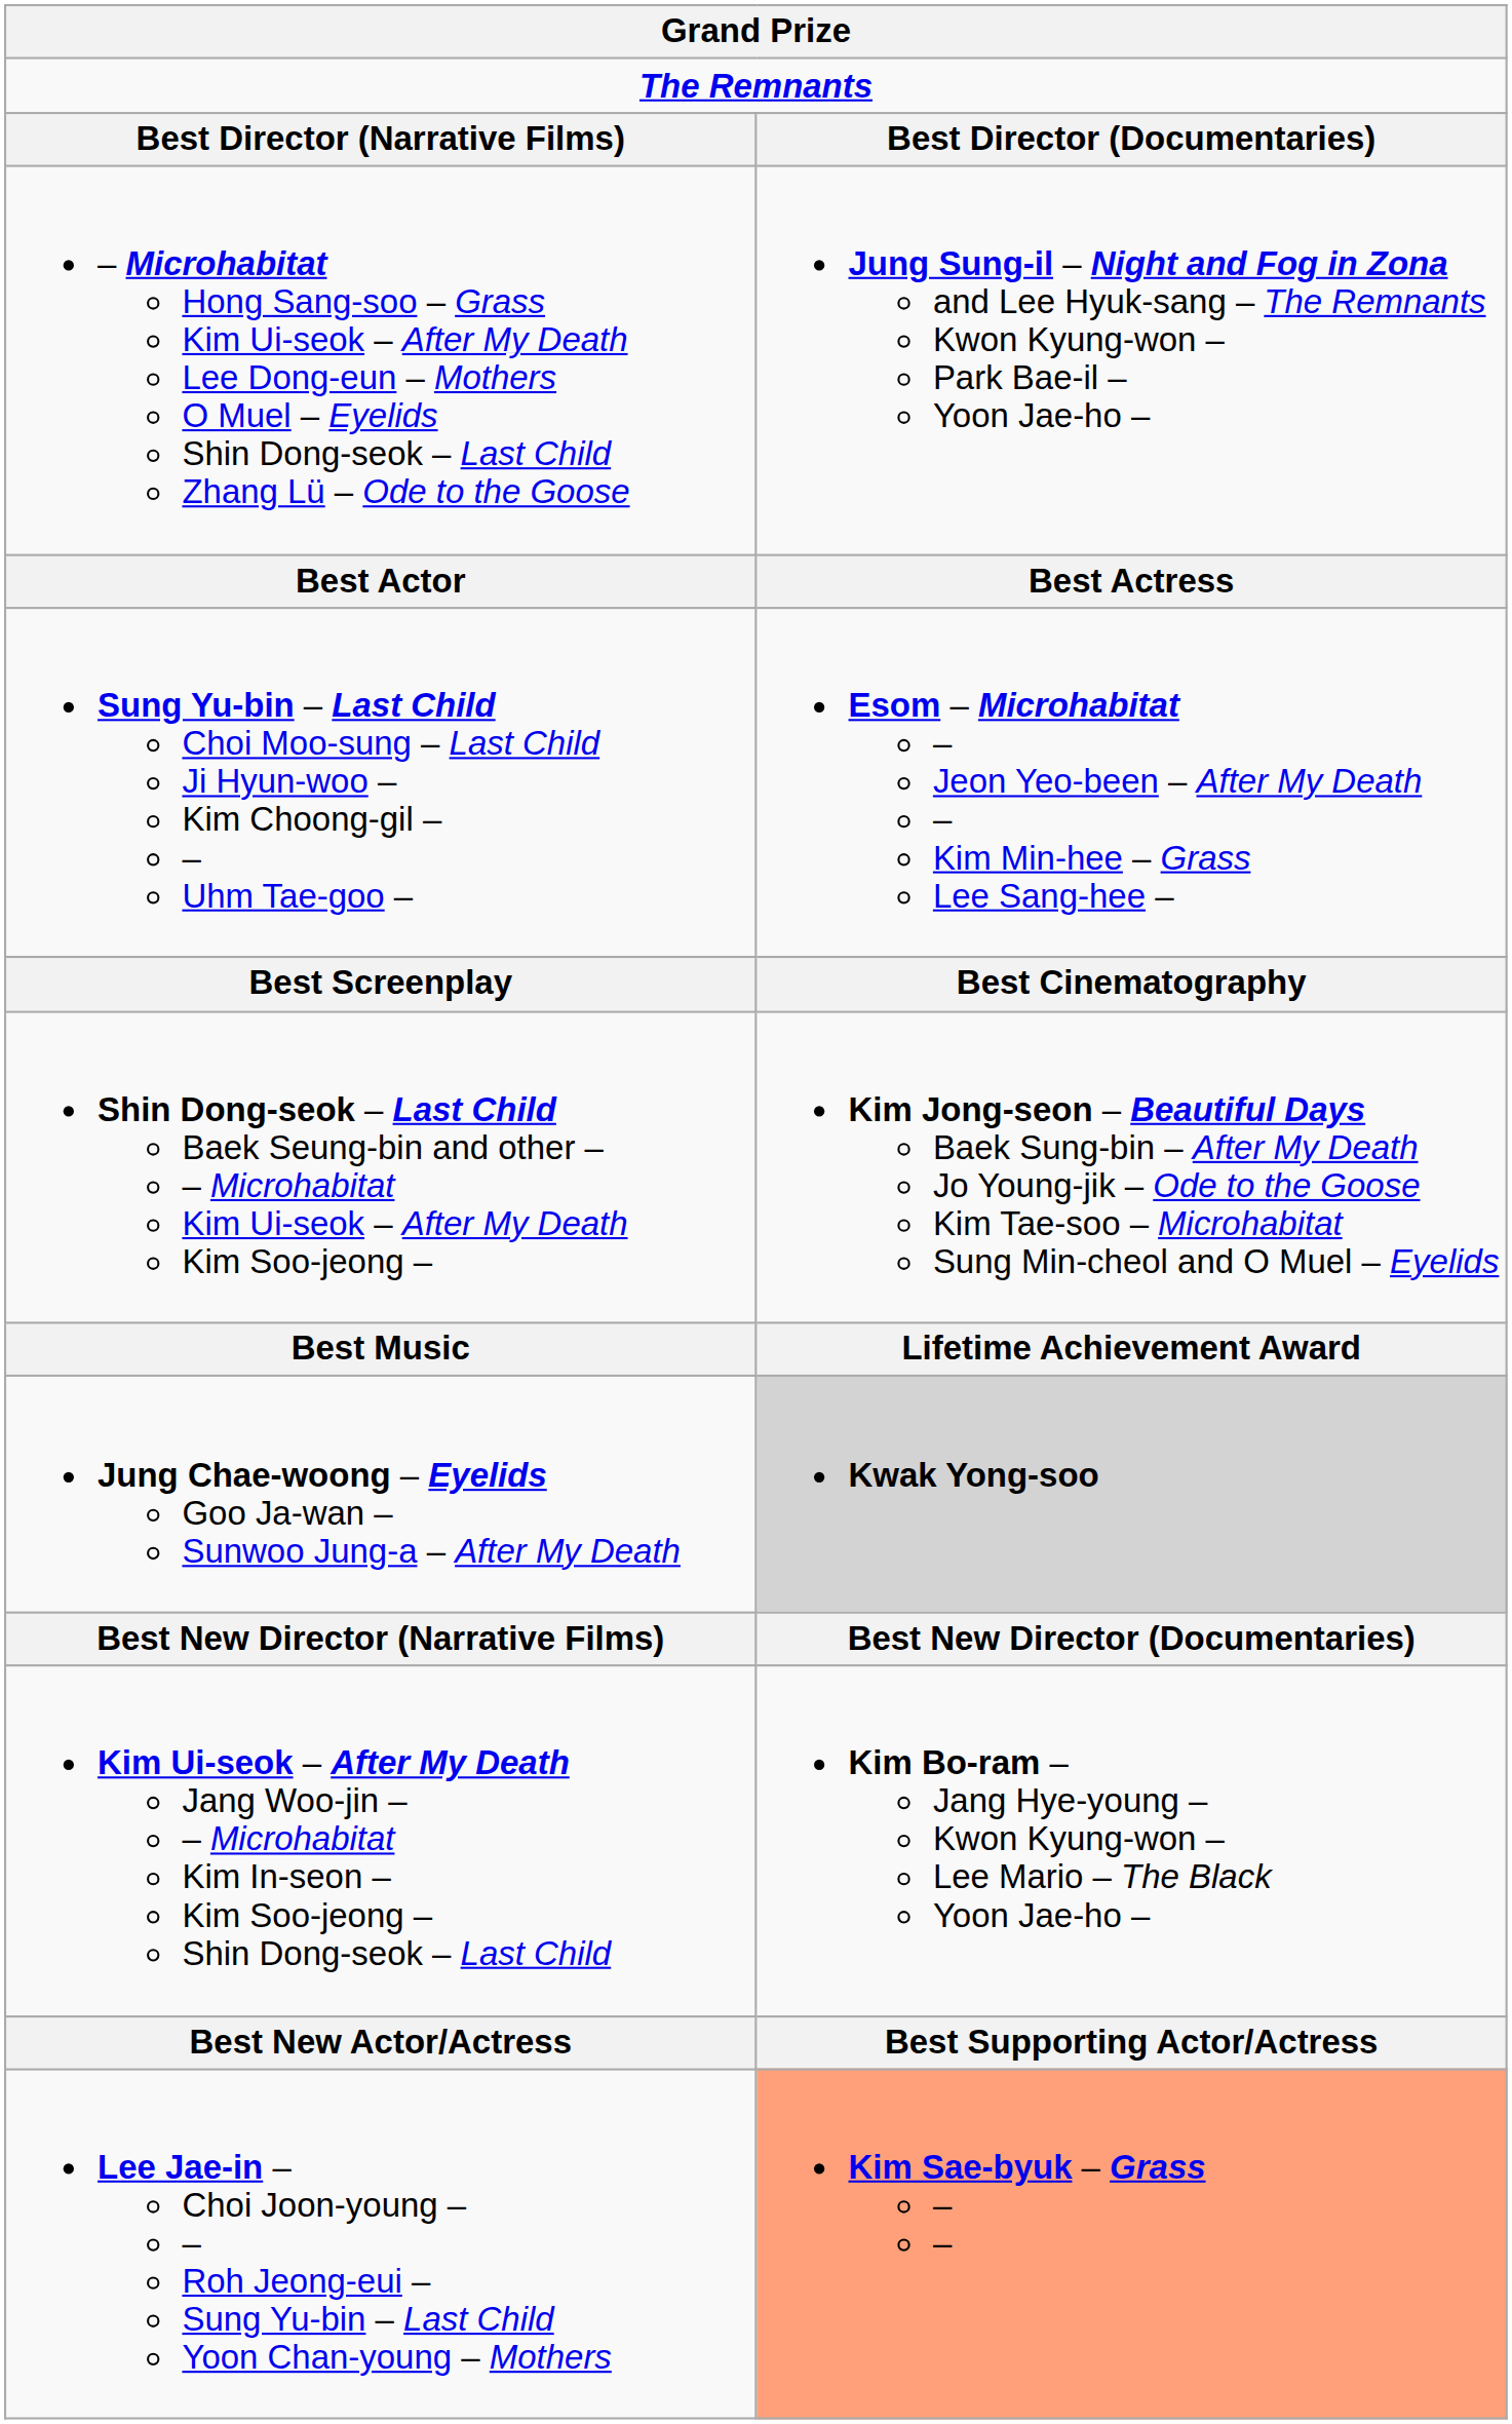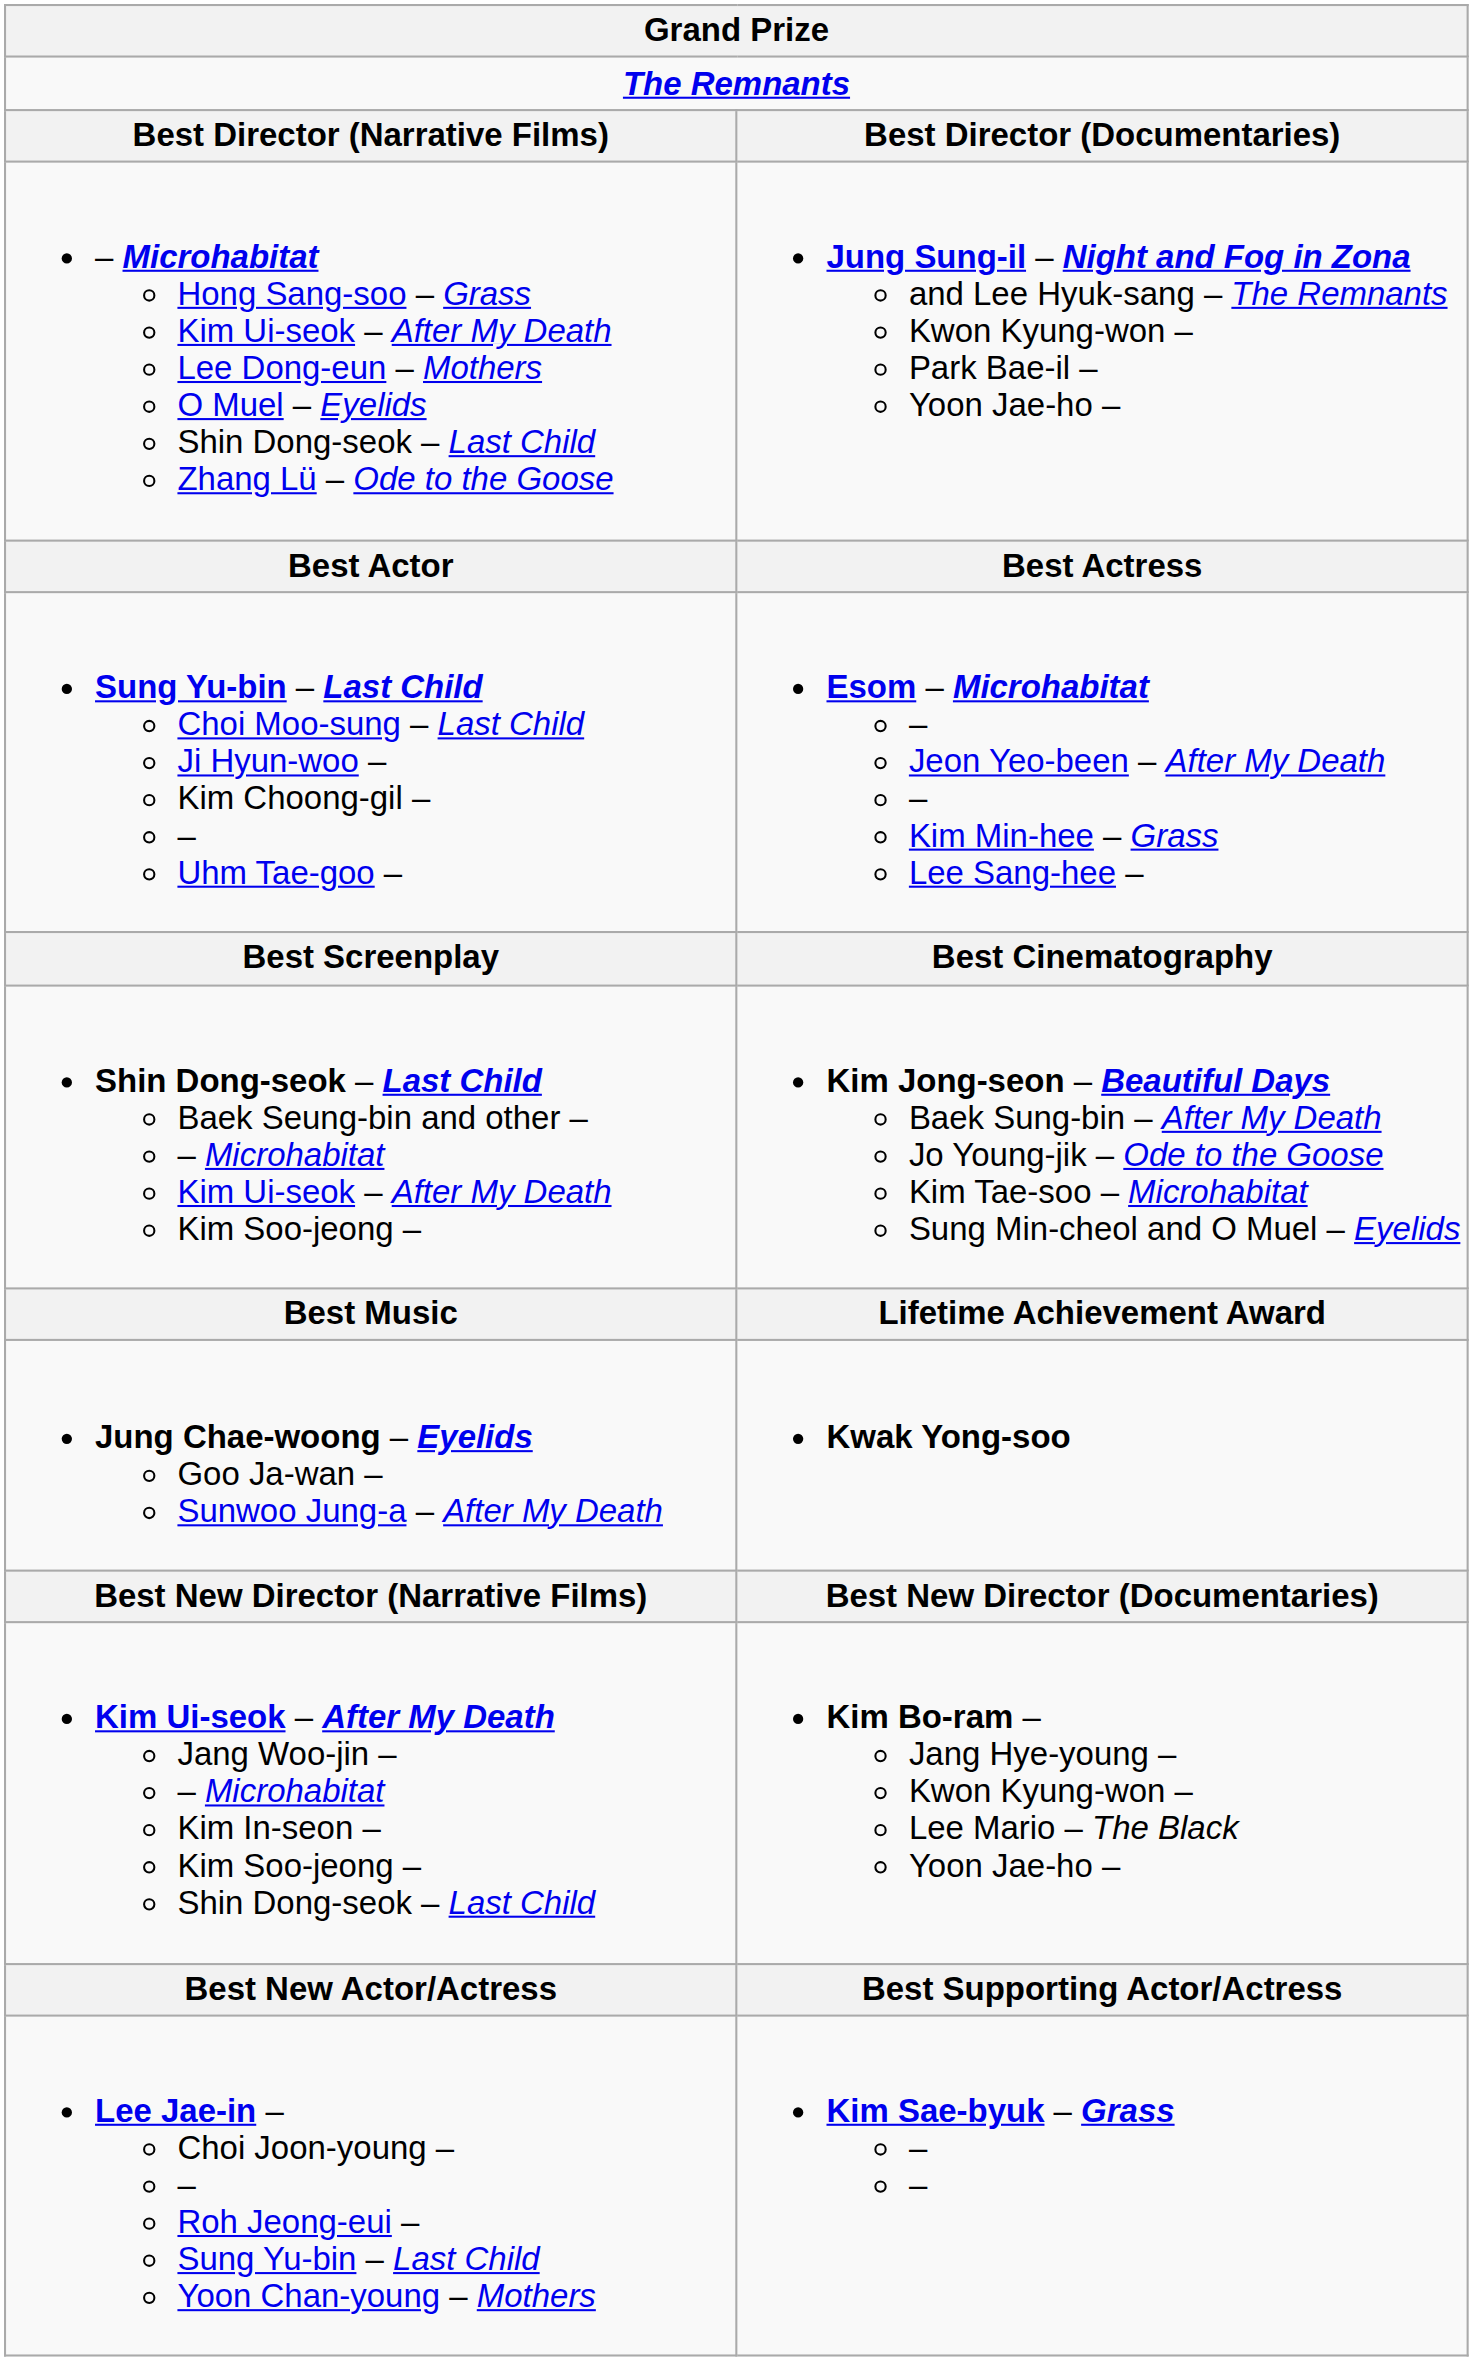 <table class="wikitable">
 <tr>
 <th colspan="2">Grand Prize</th>
 </tr>
 <tr>
 <td colspan="2" valign="top" align="center"><strong><em><a href='#'>The Remnants</a></em></strong></td>
 </tr>
 <tr>
 <th width="50%">Best Director (Narrative Films)</th>
 <th width="50%">Best Director (Documentaries)</th>
 </tr>
 <tr>
 <td valign="top"><br><ul><li><strong></strong> – <strong><em><a href='#'>Microhabitat</a></em></strong><ul><li><a href='#'>Hong Sang-soo</a> – <em><a href='#'>Grass</a></em></li><li><a href='#'>Kim Ui-seok</a> – <em><a href='#'>After My Death</a></em></li><li><a href='#'>Lee Dong-eun</a> – <em><a href='#'>Mothers</a></em></li><li><a href='#'>O Muel</a> – <em><a href='#'>Eyelids</a></em></li><li>Shin Dong-seok – <em><a href='#'>Last Child</a></em></li><li><a href='#'>Zhang Lü</a> – <em><a href='#'>Ode to the Goose</a></em></li></ul></li></ul></td>
 <td valign="top"><br><ul><li><strong><a href='#'>Jung Sung-il</a></strong> – <strong><em><a href='#'>Night and Fog in Zona</a></em></strong><ul><li> and Lee Hyuk-sang – <em><a href='#'>The Remnants</a></em></li><li>Kwon Kyung-won – <em></em></li><li>Park Bae-il – <em></em></li><li>Yoon Jae-ho – <em></em></li></ul></li></ul></td>
 </tr>
 <tr>
 <th>Best Actor</th>
 <th>Best Actress</th>
 </tr>
 <tr>
 <td valign="top"><br><ul><li><strong><a href='#'>Sung Yu-bin</a></strong> – <strong><em><a href='#'>Last Child</a></em></strong><ul><li><a href='#'>Choi Moo-sung</a> – <em><a href='#'>Last Child</a></em></li><li><a href='#'>Ji Hyun-woo</a> – <em></em></li><li>Kim Choong-gil – <em></em></li><li> – <em></em></li><li><a href='#'>Uhm Tae-goo</a> – <em></em></li></ul></li></ul></td>
 <td valign="top"><br><ul><li><strong><a href='#'>Esom</a></strong> – <strong><em><a href='#'>Microhabitat</a></em></strong><ul><li> – <em></em></li><li><a href='#'>Jeon Yeo-been</a> – <em><a href='#'>After My Death</a></em></li><li> – <em></em></li><li><a href='#'>Kim Min-hee</a> – <em><a href='#'>Grass</a></em></li><li><a href='#'>Lee Sang-hee</a> – <em></em></li></ul></li></ul></td>
 </tr>
 <tr>
 <th>Best Screenplay</th>
 <th>Best Cinematography</th>
 </tr>
 <tr>
 <td valign="top"><br><ul><li><strong>Shin Dong-seok</strong> – <strong><em><a href='#'>Last Child</a></em></strong><ul><li>Baek Seung-bin and other – <em></em></li><li> – <em><a href='#'>Microhabitat</a></em></li><li><a href='#'>Kim Ui-seok</a> – <em><a href='#'>After My Death</a></em></li><li>Kim Soo-jeong – <em></em></li></ul></li></ul></td>
 <td valign="top"><br><ul><li><strong>Kim Jong-seon</strong> – <strong><em><a href='#'>Beautiful Days</a></em></strong><ul><li>Baek Sung-bin – <em><a href='#'>After My Death</a></em></li><li>Jo Young-jik – <em><a href='#'>Ode to the Goose</a></em></li><li>Kim Tae-soo – <em><a href='#'>Microhabitat</a></em></li><li>Sung Min-cheol and O Muel – <em><a href='#'>Eyelids</a></em></li></ul></li></ul></td>
 </tr>
 <tr>
 <th>Best Music</th>
 <th>Lifetime Achievement Award</th>
 </tr>
 <tr>
 <td valign="top"><br><ul><li><strong>Jung Chae-woong</strong> – <strong><em><a href='#'>Eyelids</a></em></strong><ul><li>Goo Ja-wan – <em></em></li><li><a href='#'>Sunwoo Jung-a</a> – <em><a href='#'>After My Death</a></em></li></ul></li></ul></td>
-<td valign="top" style="background: lightgrey;"><br><ul><li><strong>Kwak Yong-soo</strong></li></ul></td>
+<td valign="top"><br><ul><li><strong>Kwak Yong-soo</strong></li></ul></td>
 </tr>
 <tr>
 <th>Best New Director (Narrative Films)</th>
 <th>Best New Director (Documentaries)</th>
 </tr>
 <tr>
 <td valign="top"><br><ul><li><strong><a href='#'>Kim Ui-seok</a></strong> – <strong><em><a href='#'>After My Death</a></em></strong><ul><li>Jang Woo-jin – <em></em></li><li> – <em><a href='#'>Microhabitat</a></em></li><li>Kim In-seon – <em></em></li><li>Kim Soo-jeong – <em></em></li><li>Shin Dong-seok – <em><a href='#'>Last Child</a></em></li></ul></li></ul></td>
 <td valign="top"><br><ul><li><strong>Kim Bo-ram</strong> – <strong><em></em></strong><ul><li>Jang Hye-young – <em></em></li><li>Kwon Kyung-won – <em></em></li><li>Lee Mario – <em>The Black</em></li><li>Yoon Jae-ho – <em></em></li></ul></li></ul></td>
 </tr>
 <tr>
 <th>Best New Actor/Actress</th>
 <th>Best Supporting Actor/Actress</th>
 </tr>
 <tr>
 <td valign="top"><br><ul><li><strong><a href='#'>Lee Jae-in</a></strong> – <strong><em></em></strong><ul><li>Choi Joon-young – <em></em></li><li> – <em></em></li><li><a href='#'>Roh Jeong-eui</a> – <em></em></li><li><a href='#'>Sung Yu-bin</a> – <em><a href='#'>Last Child</a></em></li><li><a href='#'>Yoon Chan-young</a> – <em><a href='#'>Mothers</a></em></li></ul></li></ul></td>
-<td valign="top" style="background: lightsalmon;"><br><ul><li><strong><a href='#'>Kim Sae-byuk</a></strong> – <strong><em><a href='#'>Grass</a></em></strong><ul><li> – <em></em></li><li> – <em></em></li></ul></li></ul></td>
+<td valign="top"><br><ul><li><strong><a href='#'>Kim Sae-byuk</a></strong> – <strong><em><a href='#'>Grass</a></em></strong><ul><li> – <em></em></li><li> – <em></em></li></ul></li></ul></td>
 </tr>
 </table>
